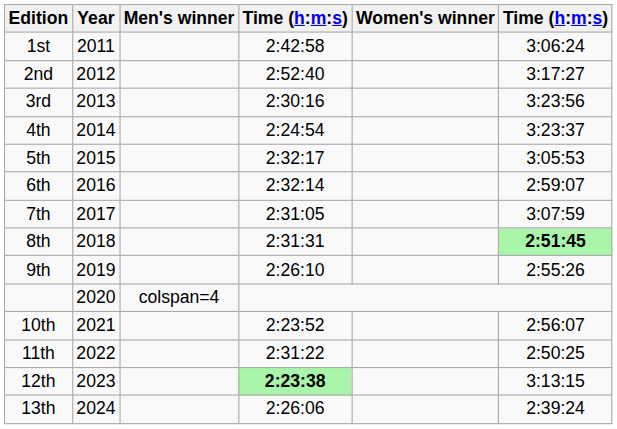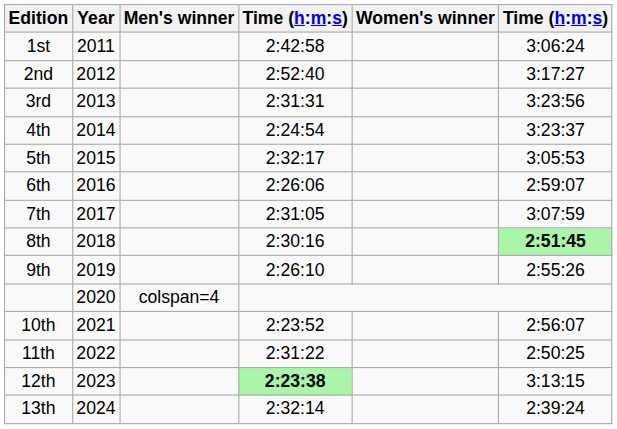 <table class="wikitable sortable" style="text-align:center">
 <tr>
 <th class=unsortable>Edition</th>
 <th>Year</th>
 <th class=unsortable>Men's winner</th>
 <th>Time (<a href='#'>h</a>:<a href='#'>m</a>:<a href='#'>s</a>)</th>
 <th class=unsortable>Women's winner</th>
 <th>Time (<a href='#'>h</a>:<a href='#'>m</a>:<a href='#'>s</a>)</th>
 </tr>
 <tr>
 <td>1st</td>
 <td>2011</td>
 <td align=left></td>
 <td>2:42:58</td>
 <td align=left></td>
 <td>3:06:24</td>
 </tr>
 <tr>
 <td>2nd</td>
 <td>2012</td>
 <td align=left></td>
 <td>2:52:40</td>
 <td align=left></td>
 <td>3:17:27</td>
 </tr>
 <tr>
 <td>3rd</td>
 <td>2013</td>
 <td align=left></td>
-<td>2:30:16</td>
+<td>2:31:31</td>
 <td align=left></td>
 <td>3:23:56</td>
 </tr>
 <tr>
 <td>4th</td>
 <td>2014</td>
 <td align=left></td>
 <td>2:24:54</td>
 <td align=left></td>
 <td>3:23:37</td>
 </tr>
 <tr>
 <td>5th</td>
 <td>2015</td>
 <td align=left></td>
 <td>2:32:17</td>
 <td align=left></td>
 <td>3:05:53</td>
 </tr>
 <tr>
 <td>6th</td>
 <td>2016</td>
 <td align=left></td>
-<td>2:32:14</td>
+<td>2:26:06</td>
 <td align=left></td>
 <td>2:59:07</td>
 </tr>
 <tr>
 <td>7th</td>
 <td>2017</td>
 <td align=left></td>
 <td>2:31:05</td>
 <td align=left></td>
 <td>3:07:59</td>
 </tr>
 <tr>
 <td>8th</td>
 <td>2018</td>
 <td align=left></td>
-<td>2:31:31</td>
+<td>2:30:16</td>
 <td align=left></td>
 <td bgcolor=#A9F5A9><strong>2:51:45</strong></td>
 </tr>
 <tr>
 <td>9th</td>
 <td>2019</td>
 <td align=left></td>
 <td>2:26:10</td>
 <td align=left></td>
 <td>2:55:26</td>
 </tr>
 <tr>
 <td></td>
 <td>2020</td>
 <td>colspan=4 </td>
 </tr>
 <tr>
 <td>10th</td>
 <td>2021</td>
 <td align=left></td>
 <td>2:23:52</td>
 <td align=left></td>
 <td>2:56:07</td>
 </tr>
 <tr>
 <td>11th</td>
 <td>2022</td>
 <td align=left></td>
 <td>2:31:22</td>
 <td align=left></td>
 <td>2:50:25</td>
 </tr>
 <tr>
 <td>12th</td>
 <td>2023</td>
 <td align=left></td>
 <td bgcolor=#A9F5A9><strong>2:23:38</strong></td>
 <td align=left></td>
 <td>3:13:15</td>
 </tr>
 <tr>
 <td>13th</td>
 <td>2024</td>
 <td align=left></td>
-<td>2:26:06</td>
+<td>2:32:14</td>
 <td align=left></td>
 <td>2:39:24</td>
 </tr>
 </table>
